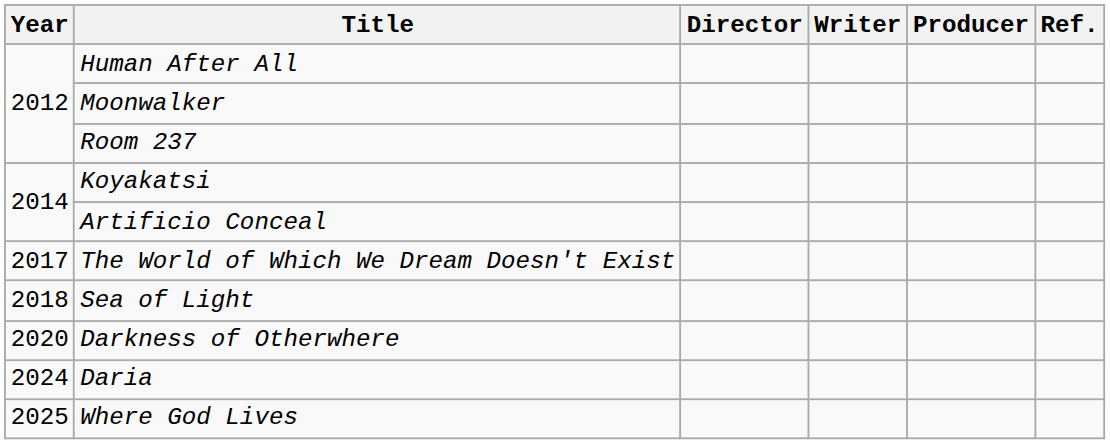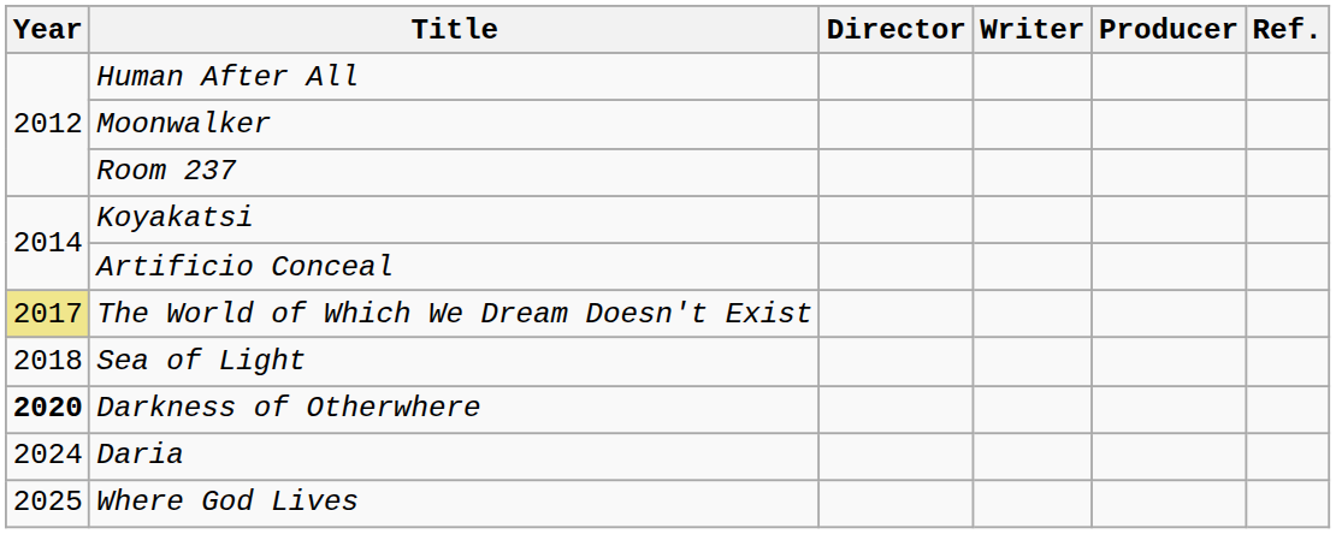 <table class="wikitable">
 <tr>
 <th>Year</th>
 <th>Title</th>
 <th>Director</th>
 <th>Writer</th>
 <th>Producer</th>
 <th>Ref.</th>
 </tr>
 <tr>
 <td rowspan=3>2012</td>
 <td><em>Human After All</em></td>
 <td></td>
 <td></td>
 <td></td>
 <td></td>
 </tr>
 <tr>
 <td><em>Moonwalker</em></td>
 <td></td>
 <td></td>
 <td></td>
 <td></td>
 </tr>
 <tr>
 <td><em>Room 237</em></td>
 <td></td>
 <td></td>
 <td></td>
 <td></td>
 </tr>
 <tr>
 <td rowspan=2>2014</td>
 <td><em>Koyakatsi</em></td>
 <td></td>
 <td></td>
 <td></td>
 <td></td>
 </tr>
 <tr>
 <td><em>Artificio Conceal</em></td>
 <td></td>
 <td></td>
 <td></td>
 <td></td>
 </tr>
 <tr>
-<td>2017</td>
+<td style="background: khaki;">2017</td>
 <td><em>The World of Which We Dream Doesn't Exist</em></td>
 <td></td>
 <td></td>
 <td></td>
 <td></td>
 </tr>
 <tr>
 <td>2018</td>
 <td><em>Sea of Light</em></td>
 <td></td>
 <td></td>
 <td></td>
 <td></td>
 </tr>
 <tr>
-<td>2020</td>
+<td><strong>2020</strong></td>
 <td><em>Darkness of Otherwhere</em></td>
 <td></td>
 <td></td>
 <td></td>
 <td></td>
 </tr>
 <tr>
 <td>2024</td>
 <td><em>Daria</em></td>
 <td></td>
 <td></td>
 <td></td>
 <td></td>
 </tr>
 <tr>
 <td>2025</td>
 <td><em>Where God Lives</em></td>
 <td></td>
 <td></td>
 <td></td>
 <td></td>
 </tr>
 </table>
